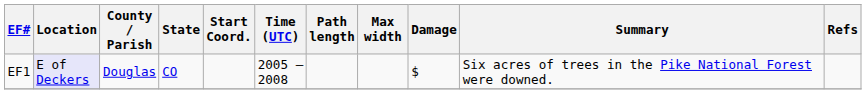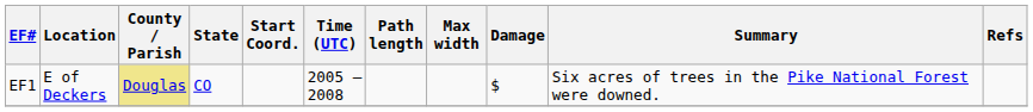 <table class="wikitable sortable" style="width:100%;">
 <tr>
 <th scope="col" width="3%" align="center"><a href='#'>EF#</a></th>
 <th scope="col" width="7%" align="center" class="unsortable">Location</th>
 <th scope="col" width="6%" align="center" class="unsortable">County / Parish</th>
 <th scope="col" width="5%" align="center">State</th>
 <th scope="col" width="6%" align="center">Start Coord.</th>
 <th scope="col" width="6%" align="center">Time (<a href='#'>UTC</a>)</th>
 <th scope="col" width="6%" align="center">Path length</th>
 <th scope="col" width="6%" align="center">Max width</th>
 <th scope="col" width="6%" align="center">Damage</th>
 <th scope="col" width="48%" class="unsortable" align="center">Summary</th>
 <th scope="col" width="48%" class="unsortable" align="center">Refs</th>
 </tr>
 <tr>
 <td>EF1</td>
-<td style="background: lavender;">E of <a href='#'>Deckers</a></td>
-<td><a href='#'>Douglas</a></td>
+<td>E of <a href='#'>Deckers</a></td>
+<td style="background: khaki;"><a href='#'>Douglas</a></td>
 <td><a href='#'>CO</a></td>
 <td></td>
 <td>2005 – 2008</td>
 <td></td>
 <td></td>
 <td>$</td>
 <td>Six acres of trees in the <a href='#'>Pike National Forest</a> were downed.</td>
 <td></td>
 </tr>
 <tr>
 </tr>
 </table>
